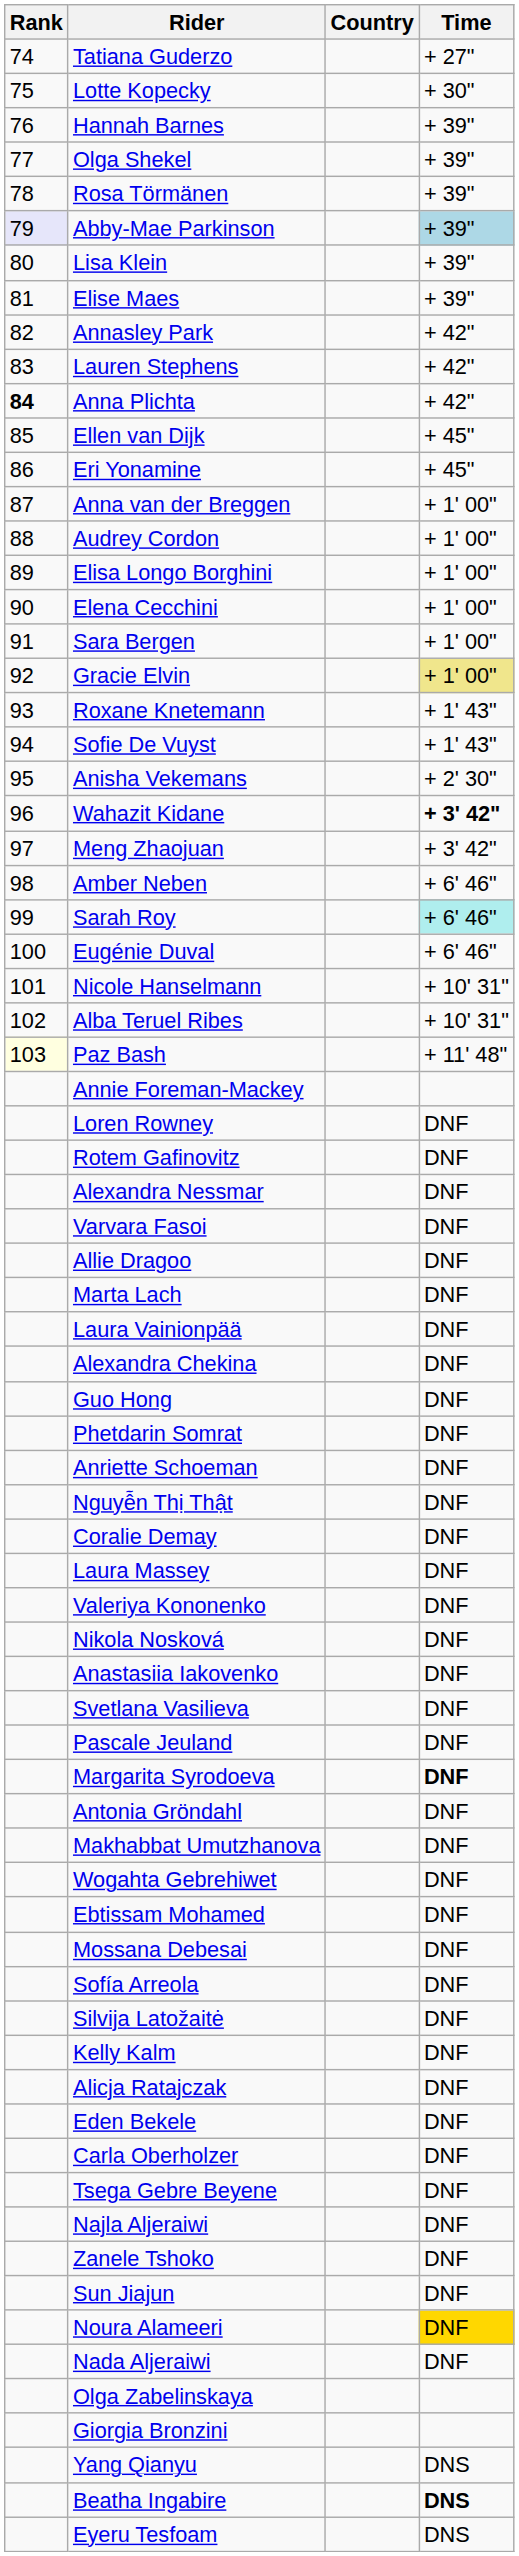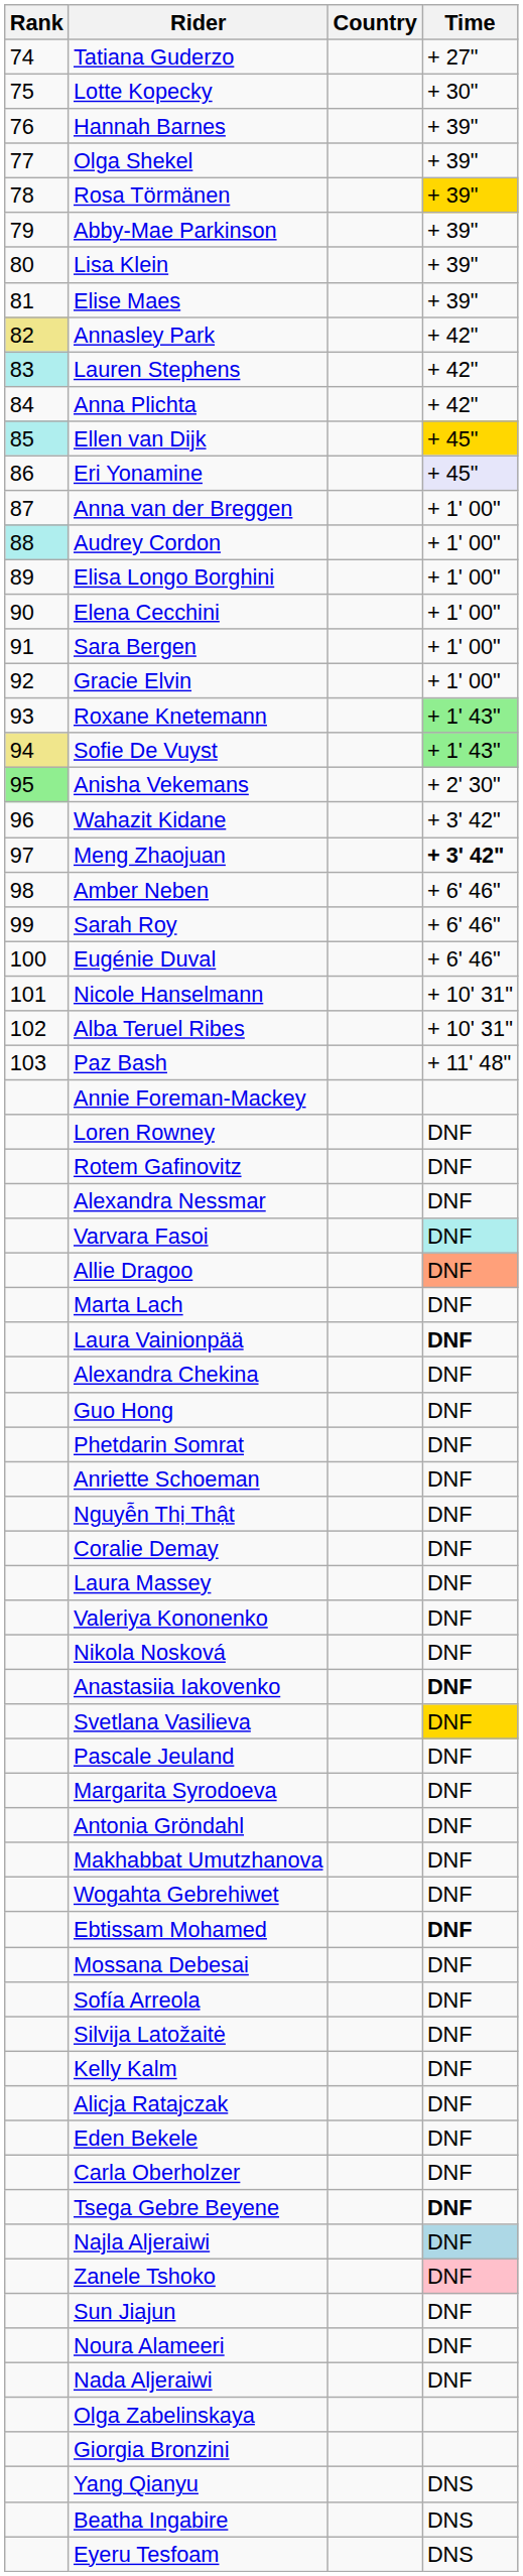 <table class="wikitable" style="font-size:95%; text-align:left;">
 <tr>
 <th>Rank</th>
 <th>Rider</th>
 <th>Country</th>
 <th>Time</th>
 </tr>
 <tr>
 <td>74</td>
 <td><a href='#'>Tatiana Guderzo</a></td>
 <td></td>
 <td>+ 27"</td>
 </tr>
 <tr>
 <td>75</td>
 <td><a href='#'>Lotte Kopecky</a></td>
 <td></td>
 <td>+ 30"</td>
 </tr>
 <tr>
 <td>76</td>
 <td><a href='#'>Hannah Barnes</a></td>
 <td></td>
 <td>+ 39"</td>
 </tr>
 <tr>
 <td>77</td>
 <td><a href='#'>Olga Shekel</a></td>
 <td></td>
 <td>+ 39"</td>
 </tr>
 <tr>
 <td>78</td>
 <td><a href='#'>Rosa Törmänen</a></td>
 <td></td>
-<td>+ 39"</td>
+<td style="background: gold;">+ 39"</td>
 </tr>
 <tr>
-<td style="background: lavender;">79</td>
+<td>79</td>
 <td><a href='#'>Abby-Mae Parkinson</a></td>
 <td></td>
-<td style="background: lightblue;">+ 39"</td>
+<td>+ 39"</td>
 </tr>
 <tr>
 <td>80</td>
 <td><a href='#'>Lisa Klein</a></td>
 <td></td>
 <td>+ 39"</td>
 </tr>
 <tr>
 <td>81</td>
 <td><a href='#'>Elise Maes</a></td>
 <td></td>
 <td>+ 39"</td>
 </tr>
 <tr>
-<td>82</td>
+<td style="background: khaki;">82</td>
 <td><a href='#'>Annasley Park</a></td>
 <td></td>
 <td>+ 42"</td>
 </tr>
 <tr>
-<td>83</td>
+<td style="background: paleturquoise;">83</td>
 <td><a href='#'>Lauren Stephens</a></td>
 <td></td>
 <td>+ 42"</td>
 </tr>
 <tr>
-<td><strong>84</strong></td>
+<td>84</td>
 <td><a href='#'>Anna Plichta</a></td>
 <td></td>
 <td>+ 42"</td>
 </tr>
 <tr>
-<td>85</td>
+<td style="background: paleturquoise;">85</td>
 <td><a href='#'>Ellen van Dijk</a></td>
 <td></td>
-<td>+ 45"</td>
+<td style="background: gold;">+ 45"</td>
 </tr>
 <tr>
 <td>86</td>
 <td><a href='#'>Eri Yonamine</a></td>
 <td></td>
-<td>+ 45"</td>
+<td style="background: lavender;">+ 45"</td>
 </tr>
 <tr>
 <td>87</td>
 <td><a href='#'>Anna van der Breggen</a></td>
 <td></td>
 <td>+ 1' 00"</td>
 </tr>
 <tr>
-<td>88</td>
+<td style="background: paleturquoise;">88</td>
 <td><a href='#'>Audrey Cordon</a></td>
 <td></td>
 <td>+ 1' 00"</td>
 </tr>
 <tr>
 <td>89</td>
 <td><a href='#'>Elisa Longo Borghini</a></td>
 <td></td>
 <td>+ 1' 00"</td>
 </tr>
 <tr>
 <td>90</td>
 <td><a href='#'>Elena Cecchini</a></td>
 <td></td>
 <td>+ 1' 00"</td>
 </tr>
 <tr>
 <td>91</td>
 <td><a href='#'>Sara Bergen</a></td>
 <td></td>
 <td>+ 1' 00"</td>
 </tr>
 <tr>
 <td>92</td>
 <td><a href='#'>Gracie Elvin</a></td>
 <td></td>
-<td style="background: khaki;">+ 1' 00"</td>
+<td>+ 1' 00"</td>
 </tr>
 <tr>
 <td>93</td>
 <td><a href='#'>Roxane Knetemann</a></td>
 <td></td>
-<td>+ 1' 43"</td>
+<td style="background: lightgreen;">+ 1' 43"</td>
 </tr>
 <tr>
-<td>94</td>
+<td style="background: khaki;">94</td>
 <td><a href='#'>Sofie De Vuyst</a></td>
 <td></td>
-<td>+ 1' 43"</td>
+<td style="background: lightgreen;">+ 1' 43"</td>
 </tr>
 <tr>
-<td>95</td>
+<td style="background: lightgreen;">95</td>
 <td><a href='#'>Anisha Vekemans</a></td>
 <td></td>
 <td>+ 2' 30"</td>
 </tr>
 <tr>
 <td>96</td>
 <td><a href='#'>Wahazit Kidane</a></td>
 <td></td>
-<td><strong>+ 3' 42"</strong></td>
+<td>+ 3' 42"</td>
 </tr>
 <tr>
 <td>97</td>
 <td><a href='#'>Meng Zhaojuan</a></td>
 <td></td>
-<td>+ 3' 42"</td>
+<td><strong>+ 3' 42"</strong></td>
 </tr>
 <tr>
 <td>98</td>
 <td><a href='#'>Amber Neben</a></td>
 <td></td>
 <td>+ 6' 46"</td>
 </tr>
 <tr>
 <td>99</td>
 <td><a href='#'>Sarah Roy</a></td>
 <td></td>
-<td style="background: paleturquoise;">+ 6' 46"</td>
+<td>+ 6' 46"</td>
 </tr>
 <tr>
 <td>100</td>
 <td><a href='#'>Eugénie Duval</a></td>
 <td></td>
 <td>+ 6' 46"</td>
 </tr>
 <tr>
 <td>101</td>
 <td><a href='#'>Nicole Hanselmann</a></td>
 <td></td>
 <td>+ 10' 31"</td>
 </tr>
 <tr>
 <td>102</td>
 <td><a href='#'>Alba Teruel Ribes</a></td>
 <td></td>
 <td>+ 10' 31"</td>
 </tr>
 <tr>
-<td style="background: lightyellow;">103</td>
+<td>103</td>
 <td><a href='#'>Paz Bash</a></td>
 <td></td>
 <td>+ 11' 48"</td>
 </tr>
 <tr>
 <td></td>
 <td><a href='#'>Annie Foreman-Mackey</a></td>
 <td></td>
 <td></td>
 </tr>
 <tr>
 <td></td>
 <td><a href='#'>Loren Rowney</a></td>
 <td></td>
 <td>DNF</td>
 </tr>
 <tr>
 <td></td>
 <td><a href='#'>Rotem Gafinovitz</a></td>
 <td></td>
 <td>DNF</td>
 </tr>
 <tr>
 <td></td>
 <td><a href='#'>Alexandra Nessmar</a></td>
 <td></td>
 <td>DNF</td>
 </tr>
 <tr>
 <td></td>
 <td><a href='#'>Varvara Fasoi</a></td>
 <td></td>
-<td>DNF</td>
+<td style="background: paleturquoise;">DNF</td>
 </tr>
 <tr>
 <td></td>
 <td><a href='#'>Allie Dragoo</a></td>
 <td></td>
-<td>DNF</td>
+<td style="background: lightsalmon;">DNF</td>
 </tr>
 <tr>
 <td></td>
 <td><a href='#'>Marta Lach</a></td>
 <td></td>
 <td>DNF</td>
 </tr>
 <tr>
 <td></td>
 <td><a href='#'>Laura Vainionpää</a></td>
 <td></td>
-<td>DNF</td>
+<td><strong>DNF</strong></td>
 </tr>
 <tr>
 <td></td>
 <td><a href='#'>Alexandra Chekina</a></td>
 <td></td>
 <td>DNF</td>
 </tr>
 <tr>
 <td></td>
 <td><a href='#'>Guo Hong</a></td>
 <td></td>
 <td>DNF</td>
 </tr>
 <tr>
 <td></td>
 <td><a href='#'>Phetdarin Somrat</a></td>
 <td></td>
 <td>DNF</td>
 </tr>
 <tr>
 <td></td>
 <td><a href='#'>Anriette Schoeman</a></td>
 <td></td>
 <td>DNF</td>
 </tr>
 <tr>
 <td></td>
 <td><a href='#'>Nguyễn Thị Thật</a></td>
 <td></td>
 <td>DNF</td>
 </tr>
 <tr>
 <td></td>
 <td><a href='#'>Coralie Demay</a></td>
 <td></td>
 <td>DNF</td>
 </tr>
 <tr>
 <td></td>
 <td><a href='#'>Laura Massey</a></td>
 <td></td>
 <td>DNF</td>
 </tr>
 <tr>
 <td></td>
 <td><a href='#'>Valeriya Kononenko</a></td>
 <td></td>
 <td>DNF</td>
 </tr>
 <tr>
 <td></td>
 <td><a href='#'>Nikola Nosková</a></td>
 <td></td>
 <td>DNF</td>
 </tr>
 <tr>
 <td></td>
 <td><a href='#'>Anastasiia Iakovenko</a></td>
 <td></td>
-<td>DNF</td>
+<td><strong>DNF</strong></td>
 </tr>
 <tr>
 <td></td>
 <td><a href='#'>Svetlana Vasilieva</a></td>
 <td></td>
-<td>DNF</td>
+<td style="background: gold;">DNF</td>
 </tr>
 <tr>
 <td></td>
 <td><a href='#'>Pascale Jeuland</a></td>
 <td></td>
 <td>DNF</td>
 </tr>
 <tr>
 <td></td>
 <td><a href='#'>Margarita Syrodoeva</a></td>
 <td></td>
-<td><strong>DNF</strong></td>
+<td>DNF</td>
 </tr>
 <tr>
 <td></td>
 <td><a href='#'>Antonia Gröndahl</a></td>
 <td></td>
 <td>DNF</td>
 </tr>
 <tr>
 <td></td>
 <td><a href='#'>Makhabbat Umutzhanova</a></td>
 <td></td>
 <td>DNF</td>
 </tr>
 <tr>
 <td></td>
 <td><a href='#'>Wogahta Gebrehiwet</a></td>
 <td></td>
 <td>DNF</td>
 </tr>
 <tr>
 <td></td>
 <td><a href='#'>Ebtissam Mohamed</a></td>
 <td></td>
-<td>DNF</td>
+<td><strong>DNF</strong></td>
 </tr>
 <tr>
 <td></td>
 <td><a href='#'>Mossana Debesai</a></td>
 <td></td>
 <td>DNF</td>
 </tr>
 <tr>
 <td></td>
 <td><a href='#'>Sofía Arreola</a></td>
 <td></td>
 <td>DNF</td>
 </tr>
 <tr>
 <td></td>
 <td><a href='#'>Silvija Latožaitė</a></td>
 <td></td>
 <td>DNF</td>
 </tr>
 <tr>
 <td></td>
 <td><a href='#'>Kelly Kalm</a></td>
 <td></td>
 <td>DNF</td>
 </tr>
 <tr>
 <td></td>
 <td><a href='#'>Alicja Ratajczak</a></td>
 <td></td>
 <td>DNF</td>
 </tr>
 <tr>
 <td></td>
 <td><a href='#'>Eden Bekele</a></td>
 <td></td>
 <td>DNF</td>
 </tr>
 <tr>
 <td></td>
 <td><a href='#'>Carla Oberholzer</a></td>
 <td></td>
 <td>DNF</td>
 </tr>
 <tr>
 <td></td>
 <td><a href='#'>Tsega Gebre Beyene</a></td>
 <td></td>
-<td>DNF</td>
+<td><strong>DNF</strong></td>
 </tr>
 <tr>
 <td></td>
 <td><a href='#'>Najla Aljeraiwi</a></td>
 <td></td>
-<td>DNF</td>
+<td style="background: lightblue;">DNF</td>
 </tr>
 <tr>
 <td></td>
 <td><a href='#'>Zanele Tshoko</a></td>
 <td></td>
-<td>DNF</td>
+<td style="background: pink;">DNF</td>
 </tr>
 <tr>
 <td></td>
 <td><a href='#'>Sun Jiajun</a></td>
 <td></td>
 <td>DNF</td>
 </tr>
 <tr>
 <td></td>
 <td><a href='#'>Noura Alameeri</a></td>
 <td></td>
-<td style="background: gold;">DNF</td>
+<td>DNF</td>
 </tr>
 <tr>
 <td></td>
 <td><a href='#'>Nada Aljeraiwi</a></td>
 <td></td>
 <td>DNF</td>
 </tr>
 <tr>
 <td></td>
 <td><a href='#'>Olga Zabelinskaya</a></td>
 <td></td>
 <td></td>
 </tr>
 <tr>
 <td></td>
 <td><a href='#'>Giorgia Bronzini</a></td>
 <td></td>
 <td></td>
 </tr>
 <tr>
 <td></td>
 <td><a href='#'>Yang Qianyu</a></td>
 <td></td>
 <td>DNS</td>
 </tr>
 <tr>
 <td></td>
 <td><a href='#'>Beatha Ingabire</a></td>
 <td></td>
-<td><strong>DNS</strong></td>
+<td>DNS</td>
 </tr>
 <tr>
 <td></td>
 <td><a href='#'>Eyeru Tesfoam</a></td>
 <td></td>
 <td>DNS</td>
 </tr>
 </table>
